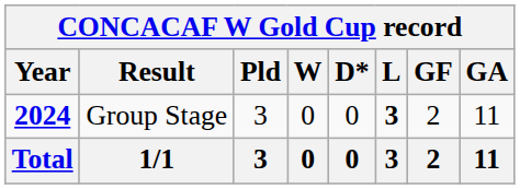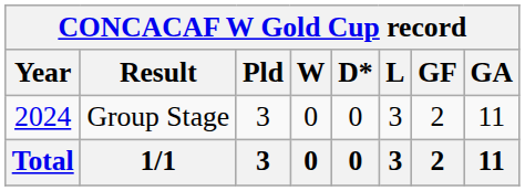 <table class="wikitable"  style="text-align:center;">
 <tr>
 <th colspan=8><a href='#'>CONCACAF W Gold Cup</a> record</th>
 </tr>
 <tr>
 <th>Year</th>
 <th>Result</th>
 <th>Pld</th>
 <th>W</th>
 <th>D*</th>
 <th>L</th>
 <th>GF</th>
 <th>GA</th>
 </tr>
 <tr>
-<td><strong> <a href='#'>2024</a></strong></td>
+<td> <a href='#'>2024</a></td>
 <td>Group Stage</td>
 <td>3</td>
 <td>0</td>
 <td>0</td>
-<td><strong>3</strong></td>
+<td>3</td>
 <td>2</td>
 <td>11</td>
 </tr>
 <tr>
 <th><a href='#'>Total</a></th>
 <th>1/1</th>
 <th>3</th>
 <th>0</th>
 <th>0</th>
 <th>3</th>
 <th>2</th>
 <th>11</th>
 </tr>
 </table>
